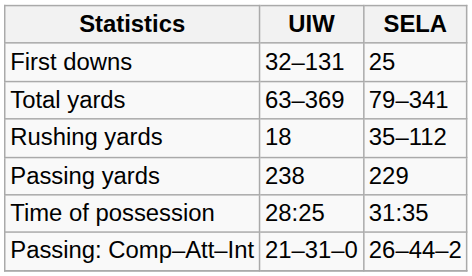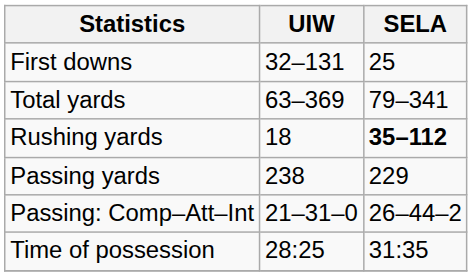 <table class="wikitable" style="float: left;">
 <tr>
 <th>Statistics</th>
 <th>UIW</th>
 <th>SELA</th>
 </tr>
 <tr>
 <td>First downs</td>
 <td>32–131</td>
 <td>25</td>
 </tr>
 <tr>
 <td>Total yards</td>
 <td>63–369</td>
 <td>79–341</td>
 </tr>
 <tr>
 <td>Rushing yards</td>
 <td>18</td>
-<td>35–112</td>
+<td><strong>35–112</strong></td>
 </tr>
 <tr>
 <td>Passing yards</td>
 <td>238</td>
 <td>229</td>
 </tr>
 <tr>
+<td>Passing: Comp–Att–Int</td>
+<td>21–31–0</td>
+<td>26–44–2</td>
+</tr>
+<tr>
 <td>Time of possession</td>
 <td>28:25</td>
 <td>31:35</td>
 </tr>
 <tr>
-<td>Passing: Comp–Att–Int</td>
-<td>21–31–0</td>
-<td>26–44–2</td>
-</tr>
-<tr>
 </tr>
 </table>
